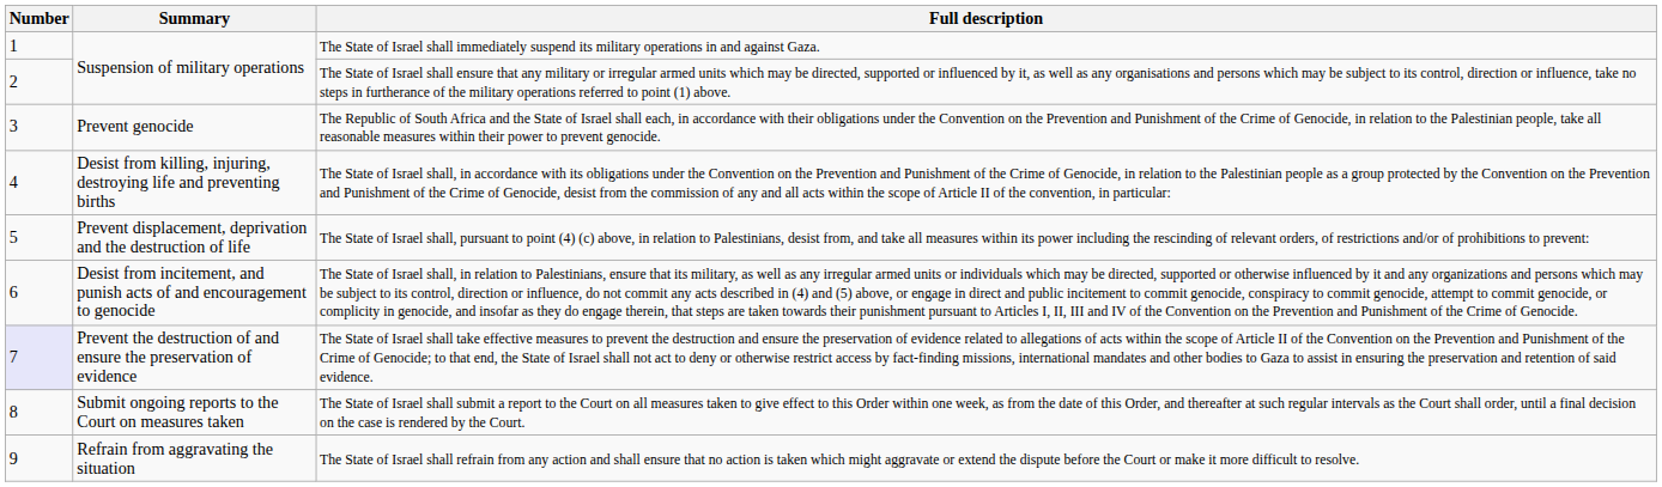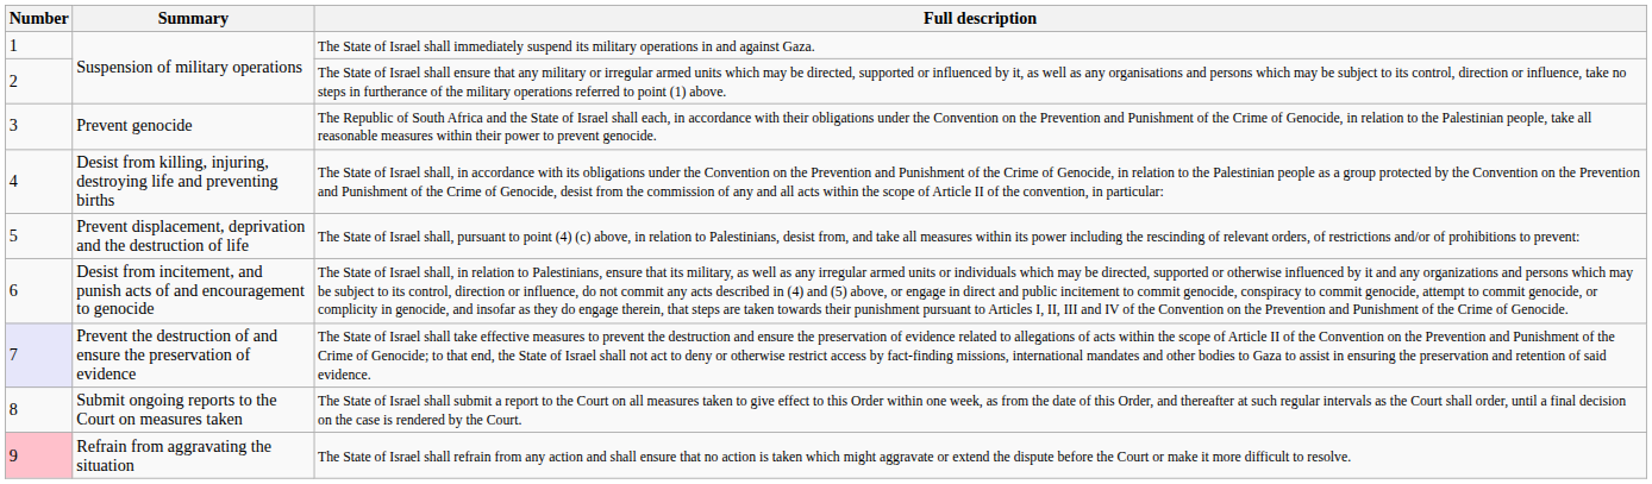 <table class="wikitable">
 <tr>
 <th>Number</th>
 <th>Summary</th>
 <th>Full description</th>
 </tr>
 <tr>
 <td>1</td>
 <td rowspan="2">Suspension of military operations</td>
 <td><small>The State of Israel shall immediately suspend its military operations in and against Gaza.</small></td>
 </tr>
 <tr>
 <td>2</td>
 <td><small>The State of Israel shall ensure that any military or irregular armed units which may be directed, supported or influenced by it, as well as any organisations and persons which may be subject to its control, direction or influence, take no steps in furtherance of the military operations referred to point (1) above.</small></td>
 </tr>
 <tr>
 <td>3</td>
 <td>Prevent genocide</td>
 <td><small>The Republic of South Africa and the State of Israel shall each, in accordance with their obligations under the Convention on the Prevention and Punishment of the Crime of Genocide, in relation to the Palestinian people, take all reasonable measures within their power to prevent genocide.</small></td>
 </tr>
 <tr>
 <td>4</td>
 <td>Desist from killing, injuring, destroying life and preventing births</td>
 <td><small>The State of Israel shall, in accordance with its obligations under the Convention on the Prevention and Punishment of the Crime of Genocide, in relation to the Palestinian people as a group protected by the Convention on the Prevention and Punishment of the Crime of Genocide, desist from the commission of any and all acts within the scope of Article II of the convention, in particular: </small></td>
 </tr>
 <tr>
 <td>5</td>
 <td>Prevent displacement, deprivation and the destruction of life</td>
 <td><small>The State of Israel shall, pursuant to point (4) (c) above, in relation to Palestinians, desist from, and take all measures within its power including the rescinding of relevant orders, of restrictions and/or of prohibitions to prevent: </small></td>
 </tr>
 <tr>
 <td>6</td>
 <td>Desist from incitement, and punish acts of and encouragement to genocide</td>
 <td><small>The State of Israel shall, in relation to Palestinians, ensure that its military, as well as any irregular armed units or individuals which may be directed, supported or otherwise influenced by it and any organizations and persons which may be subject to its control, direction or influence, do not commit any acts described in (4) and (5) above, or engage in direct and public incitement to commit genocide, conspiracy to commit genocide, attempt to commit genocide, or complicity in genocide, and insofar as they do engage therein, that steps are taken towards their punishment pursuant to Articles I, II, III and IV of the Convention on the Prevention and Punishment of the Crime of Genocide.</small></td>
 </tr>
 <tr>
 <td style="background: lavender;">7</td>
 <td>Prevent the destruction of and ensure the preservation of evidence</td>
 <td><small>The State of Israel shall take effective measures to prevent the destruction and ensure the preservation of evidence related to allegations of acts within the scope of Article II of the Convention on the Prevention and Punishment of the Crime of Genocide; to that end, the State of Israel shall not act to deny or otherwise restrict access by fact-finding missions, international mandates and other bodies to Gaza to assist in ensuring the preservation and retention of said evidence.</small></td>
 </tr>
 <tr>
 <td>8</td>
 <td>Submit ongoing reports to the Court on measures taken</td>
 <td><small>The State of Israel shall submit a report to the Court on all measures taken to give effect to this Order within one week, as from the date of this Order, and thereafter at such regular intervals as the Court shall order, until a final decision on the case is rendered by the Court.</small></td>
 </tr>
 <tr>
-<td>9</td>
+<td style="background: pink;">9</td>
 <td>Refrain from aggravating the situation</td>
 <td><small>The State of Israel shall refrain from any action and shall ensure that no action is taken which might aggravate or extend the dispute before the Court or make it more difficult to resolve.</small></td>
 </tr>
 </table>
